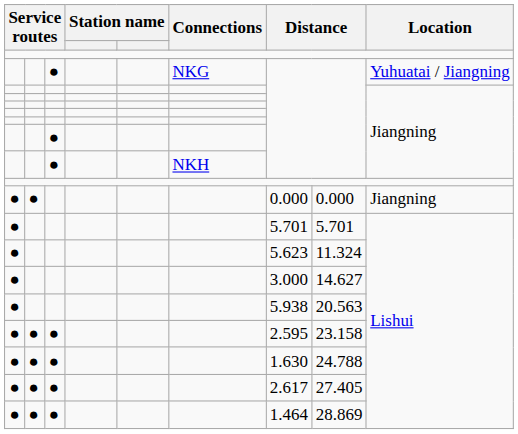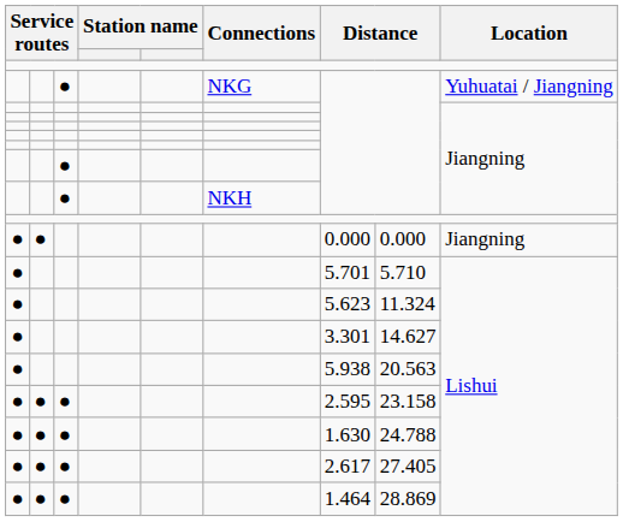 <table class="wikitable">
 <tr>
 <th colspan="3" rowspan="2">Service<br>routes</th>
 <th colspan="2">Station name</th>
 <th rowspan="2">Connections</th>
 <th colspan="2" rowspan="2">Distance<br></th>
 <th rowspan="2">Location</th>
 </tr>
 <tr>
 <th></th>
 <th></th>
 </tr>
 <tr style="background:#">
 <td colspan="10"></td>
 </tr>
 <tr>
 <td></td>
 <td></td>
 <td>●</td>
 <td></td>
 <td></td>
 <td> <a href='#'>NKG</a></td>
 <td rowspan="8" colspan="2"></td>
 <td><a href='#'>Yuhuatai</a> / <a href='#'>Jiangning</a></td>
 </tr>
 <tr>
 <td></td>
 <td></td>
 <td></td>
 <td></td>
 <td></td>
 <td></td>
 <td style = "border-bottom:solid 0;" rowspan="7">Jiangning</td>
 </tr>
 <tr>
 <td></td>
 <td></td>
 <td></td>
 <td></td>
 <td></td>
 <td></td>
 </tr>
 <tr>
 <td></td>
 <td></td>
 <td></td>
 <td></td>
 <td></td>
 <td></td>
 </tr>
 <tr>
 <td></td>
 <td></td>
 <td></td>
 <td></td>
 <td></td>
 <td></td>
 </tr>
 <tr>
 <td></td>
 <td></td>
 <td></td>
 <td></td>
 <td></td>
 <td></td>
 </tr>
 <tr>
 <td></td>
 <td></td>
 <td>●</td>
 <td></td>
 <td></td>
 <td></td>
 </tr>
 <tr>
 <td></td>
 <td></td>
 <td>●</td>
 <td></td>
 <td></td>
 <td>    <a href='#'>NKH</a></td>
 </tr>
 <tr style="background:#">
 <td colspan="10"></td>
 </tr>
 <tr>
 <td align="center">●</td>
 <td>●</td>
 <td></td>
 <td></td>
 <td></td>
 <td></td>
 <td>0.000</td>
 <td>0.000</td>
 <td>Jiangning</td>
 </tr>
 <tr>
 <td align="center">●</td>
 <td></td>
 <td></td>
 <td></td>
 <td></td>
 <td></td>
 <td>5.701</td>
-<td>5.701</td>
+<td>5.710</td>
 <td rowspan="8"><a href='#'>Lishui</a></td>
 </tr>
 <tr>
 <td align="center">●</td>
 <td></td>
 <td></td>
 <td></td>
 <td></td>
 <td></td>
 <td>5.623</td>
 <td>11.324</td>
 </tr>
 <tr>
 <td align="center">●</td>
 <td></td>
 <td></td>
 <td></td>
 <td></td>
 <td></td>
-<td>3.000</td>
+<td>3.301</td>
 <td>14.627</td>
 </tr>
 <tr>
 <td align="center">●</td>
 <td></td>
 <td></td>
 <td></td>
 <td></td>
 <td></td>
 <td>5.938</td>
 <td>20.563</td>
 </tr>
 <tr>
 <td align="center">●</td>
 <td>●</td>
 <td>●</td>
 <td></td>
 <td></td>
 <td></td>
 <td>2.595</td>
 <td>23.158</td>
 </tr>
 <tr>
 <td align="center">●</td>
 <td>●</td>
 <td>●</td>
 <td></td>
 <td></td>
 <td></td>
 <td>1.630</td>
 <td>24.788</td>
 </tr>
 <tr>
 <td align="center">●</td>
 <td>●</td>
 <td>●</td>
 <td></td>
 <td></td>
 <td></td>
 <td>2.617</td>
 <td>27.405</td>
 </tr>
 <tr>
 <td align="center">●</td>
 <td>●</td>
 <td>●</td>
 <td></td>
 <td></td>
 <td></td>
 <td>1.464</td>
 <td>28.869</td>
 </tr>
 </table>
